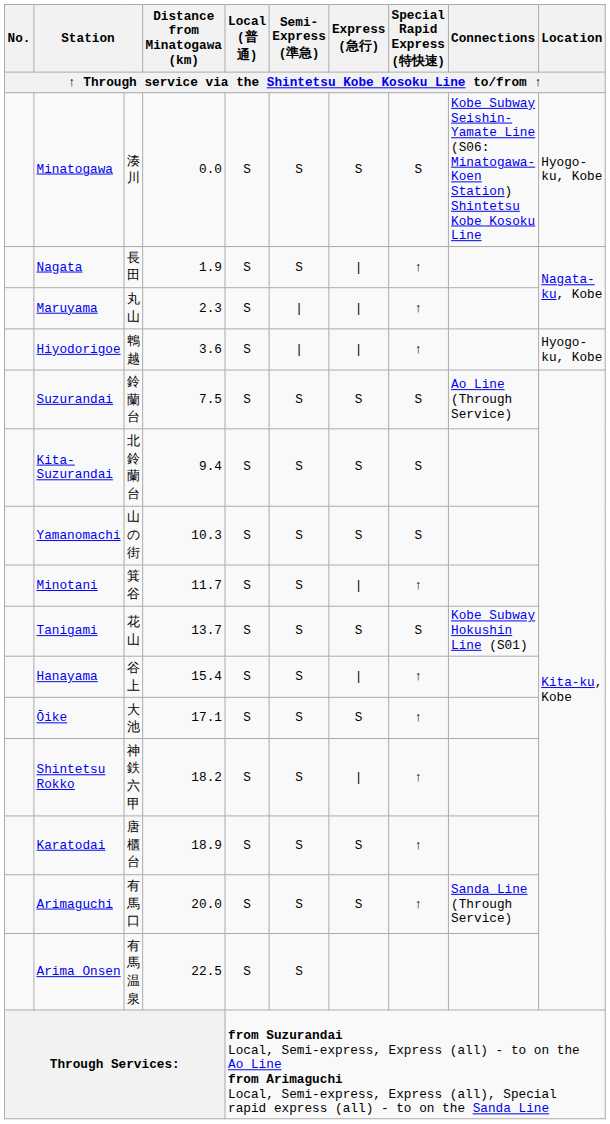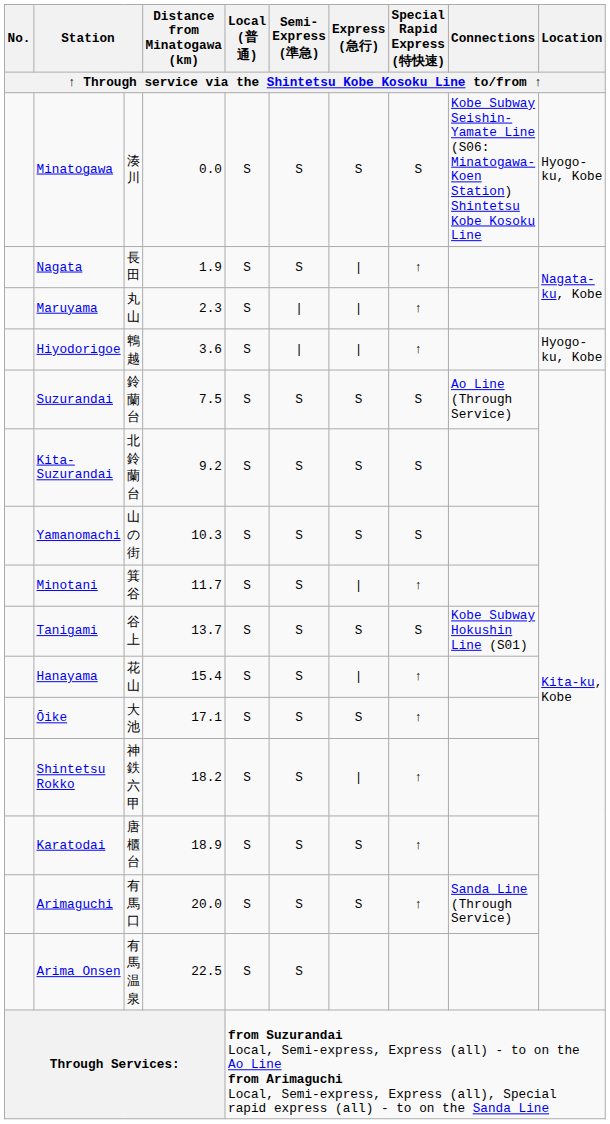 <table class="wikitable">
 <tr>
 <th>No.</th>
 <th colspan="2">Station</th>
 <th width="80px">Distance from Minatogawa (km)</th>
 <th width="80px">Local<br>(普通)</th>
 <th width="80px">Semi-Express<br>(準急)</th>
 <th width="80px">Express<br>(急行)</th>
 <th width="80px">Special Rapid Express<br>(特快速)</th>
 <th>Connections</th>
 <th>Location</th>
 </tr>
 <tr>
 <th colspan="10">↑ Through service via the  <a href='#'>Shintetsu Kobe Kosoku Line</a> to/from   ↑</th>
 </tr>
 <tr>
 <td></td>
 <td><a href='#'>Minatogawa</a></td>
 <td>湊川</td>
 <td align="right">0.0</td>
 <td align="center" width="80px">S</td>
 <td align="center" width="80px">S</td>
 <td align="center" width="80px">S</td>
 <td align="center" width="80px">S</td>
 <td> <a href='#'>Kobe Subway</a> <a href='#'>Seishin-Yamate Line</a> (S06: <a href='#'>Minatogawa-Koen Station</a>)<br> <a href='#'>Shintetsu Kobe Kosoku Line</a></td>
 <td>Hyogo-ku, Kobe</td>
 </tr>
 <tr>
 <td></td>
 <td><a href='#'>Nagata</a></td>
 <td>長田</td>
 <td align="right">1.9</td>
 <td align="center" width="80px">S</td>
 <td align="center" width="80px">S</td>
 <td align="center" width="80px">|</td>
 <td align="center" width="80px">↑</td>
 <td></td>
 <td rowspan="2"><a href='#'>Nagata-ku</a>, Kobe</td>
 </tr>
 <tr>
 <td></td>
 <td><a href='#'>Maruyama</a></td>
 <td>丸山</td>
 <td align="right">2.3</td>
 <td align="center" width="80px">S</td>
 <td align="center" width="80px">|</td>
 <td align="center" width="80px">|</td>
 <td align="center" width="80px">↑</td>
 <td></td>
 </tr>
 <tr>
 <td></td>
 <td><a href='#'>Hiyodorigoe</a></td>
 <td>鵯越</td>
 <td align="right">3.6</td>
 <td align="center" width="80px">S</td>
 <td align="center" width="80px">|</td>
 <td align="center" width="80px">|</td>
 <td align="center" width="80px">↑</td>
 <td></td>
 <td>Hyogo-ku, Kobe</td>
 </tr>
 <tr>
 <td></td>
 <td><a href='#'>Suzurandai</a></td>
 <td>鈴蘭台</td>
 <td align="right">7.5</td>
 <td align="center" width="80px">S</td>
 <td align="center" width="80px">S</td>
 <td align="center" width="80px">S</td>
 <td align="center" width="80px">S</td>
 <td> <a href='#'>Ao Line</a> (Through Service)</td>
 <td rowspan="11"><a href='#'>Kita-ku</a>, Kobe</td>
 </tr>
 <tr>
 <td></td>
 <td><a href='#'>Kita-Suzurandai</a></td>
 <td>北鈴蘭台</td>
-<td align="right">9.4</td>
+<td align="right">9.2</td>
 <td align="center" width="80px">S</td>
 <td align="center" width="80px">S</td>
 <td align="center" width="80px">S</td>
 <td align="center" width="80px">S</td>
 <td></td>
 </tr>
 <tr>
 <td></td>
 <td><a href='#'>Yamanomachi</a></td>
 <td>山の街</td>
 <td align="right">10.3</td>
 <td align="center" width="80px">S</td>
 <td align="center" width="80px">S</td>
 <td align="center" width="80px">S</td>
 <td align="center" width="80px">S</td>
 <td></td>
 </tr>
 <tr>
 <td></td>
 <td><a href='#'>Minotani</a></td>
 <td>箕谷</td>
 <td align="right">11.7</td>
 <td align="center" width="80px">S</td>
 <td align="center" width="80px">S</td>
 <td align="center" width="80px">|</td>
 <td align="center" width="80px">↑</td>
 <td></td>
 </tr>
 <tr>
 <td></td>
 <td><a href='#'>Tanigami</a></td>
-<td>花山</td>
+<td>谷上</td>
 <td align="right">13.7</td>
 <td align="center" width="80px">S</td>
 <td align="center" width="80px">S</td>
 <td align="center" width="80px">S</td>
 <td align="center" width="80px">S</td>
 <td> <a href='#'>Kobe Subway</a> <a href='#'>Hokushin Line</a> (S01)</td>
 </tr>
 <tr>
 <td></td>
 <td><a href='#'>Hanayama</a></td>
-<td>谷上</td>
+<td>花山</td>
 <td align="right">15.4</td>
 <td align="center" width="80px">S</td>
 <td align="center" width="80px">S</td>
 <td align="center" width="80px">|</td>
 <td align="center" width="80px">↑</td>
 <td></td>
 </tr>
 <tr>
 <td></td>
 <td><a href='#'>Ōike</a></td>
 <td>大池</td>
 <td align="right">17.1</td>
 <td align="center" width="80px">S</td>
 <td align="center" width="80px">S</td>
 <td align="center" width="80px">S</td>
 <td align="center" width="80px">↑</td>
 <td></td>
 </tr>
 <tr>
 <td></td>
 <td><a href='#'>Shintetsu Rokko</a></td>
 <td>神鉄六甲</td>
 <td align="right">18.2</td>
 <td align="center" width="80px">S</td>
 <td align="center" width="80px">S</td>
 <td align="center" width="80px">|</td>
 <td align="center" width="80px">↑</td>
 <td></td>
 </tr>
 <tr>
 <td></td>
 <td><a href='#'>Karatodai</a></td>
 <td>唐櫃台</td>
 <td align="right">18.9</td>
 <td align="center" width="80px">S</td>
 <td align="center" width="80px">S</td>
 <td align="center" width="80px">S</td>
 <td align="center" width="80px">↑</td>
 <td></td>
 </tr>
 <tr>
 <td></td>
 <td><a href='#'>Arimaguchi</a></td>
 <td>有馬口</td>
 <td align="right">20.0</td>
 <td align="center" width="80px">S</td>
 <td align="center" width="80px">S</td>
 <td align="center" width="80px">S</td>
 <td align="center" width="80px">↑</td>
 <td> <a href='#'>Sanda Line</a> (Through Service)</td>
 </tr>
 <tr>
 <td></td>
 <td><a href='#'>Arima Onsen</a></td>
 <td>有馬温泉</td>
 <td align="right">22.5</td>
 <td align="center" width="80px">S</td>
 <td align="center" width="80px">S</td>
 <td align="center" width="80px"></td>
 <td align="center" width="80px"></td>
 <td></td>
 </tr>
 <tr>
 <th colspan="4">Through Services:</th>
 <td colspan="6"><br><strong>from Suzurandai</strong><br>Local, Semi-express, Express (all) - to  on the  <a href='#'>Ao Line</a><br> <strong>from Arimaguchi</strong><br>Local, Semi-express, Express (all), Special rapid express (all) - to  on the  <a href='#'>Sanda Line</a></td>
 </tr>
 </table>
